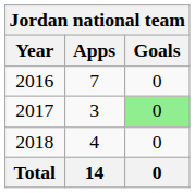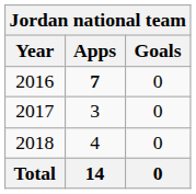 <table class="wikitable" style="text-align:center">
 <tr>
 <th colspan=3>Jordan national team</th>
 </tr>
 <tr>
 <th>Year</th>
 <th>Apps</th>
 <th>Goals</th>
 </tr>
 <tr>
 <td>2016</td>
-<td>7</td>
+<td><strong>7</strong></td>
 <td>0</td>
 </tr>
 <tr>
 <td>2017</td>
 <td>3</td>
-<td style="background: lightgreen;">0</td>
+<td>0</td>
 </tr>
 <tr>
 <td>2018</td>
 <td>4</td>
 <td>0</td>
 </tr>
 <tr>
 <th>Total</th>
 <th>14</th>
 <th>0</th>
 </tr>
 </table>
